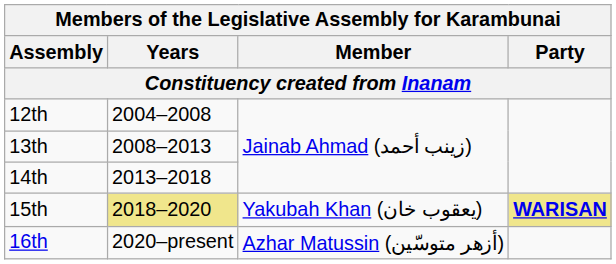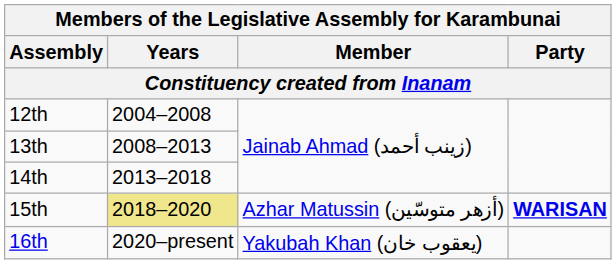 <table class="wikitable">
 <tr>
 <th colspan="4">Members of the Legislative Assembly for Karambunai</th>
 </tr>
 <tr>
 <th>Assembly</th>
 <th>Years</th>
 <th>Member</th>
 <th>Party</th>
 </tr>
 <tr>
 <th colspan="4" align="center"><em>Constituency created from <a href='#'>Inanam</a></em></th>
 </tr>
 <tr>
 <td>12th</td>
 <td>2004–2008</td>
 <td rowspan=3><a href='#'>Jainab Ahmad</a> (زينب أحمد)</td>
 <td rowspan=3></td>
 </tr>
 <tr>
 <td>13th</td>
 <td>2008–2013</td>
 </tr>
 <tr>
 <td>14th</td>
 <td>2013–2018</td>
 </tr>
 <tr>
 <td>15th</td>
 <td style="background: khaki;">2018–2020</td>
-<td><a href='#'>Yakubah Khan</a> (يعقوب خان)</td>
-<td style="background: khaki;"><strong><a href='#'>WARISAN</a></strong></td>
+<td><a href='#'>Azhar Matussin</a> (أزهر متوسّين)</td>
+<td><strong><a href='#'>WARISAN</a></strong></td>
 </tr>
 <tr>
 <td><a href='#'>16th</a></td>
 <td>2020–present</td>
-<td><a href='#'>Azhar Matussin</a> (أزهر متوسّين)</td>
+<td><a href='#'>Yakubah Khan</a> (يعقوب خان)</td>
 <td></td>
 </tr>
 </table>
